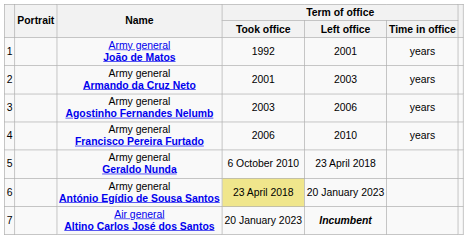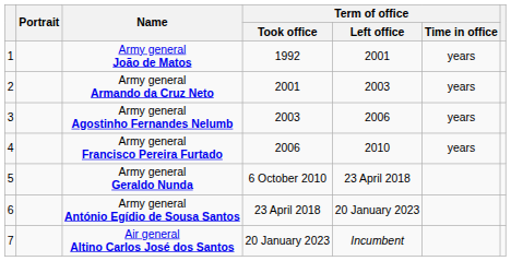 <table class="wikitable" style="text-align:center">
 <tr>
 <th rowspan=2></th>
 <th rowspan=2>Portrait</th>
 <th rowspan=2>Name<br></th>
 <th colspan=3>Term of office</th>
 <th rowspan=2></th>
 </tr>
 <tr>
 <th>Took office</th>
 <th>Left office</th>
 <th>Time in office</th>
 </tr>
 <tr>
 <td>1</td>
 <td></td>
 <td><a href='#'>Army general</a><br><strong><a href='#'>João de Matos</a></strong><br></td>
 <td>1992</td>
 <td>2001</td>
 <td> years</td>
 <td></td>
 </tr>
 <tr>
 <td>2</td>
 <td></td>
 <td>Army general<br><strong><a href='#'>Armando da Cruz Neto</a></strong></td>
 <td>2001</td>
 <td>2003</td>
 <td> years</td>
 <td></td>
 </tr>
 <tr>
 <td>3</td>
 <td></td>
 <td>Army general<br><strong><a href='#'>Agostinho Fernandes Nelumb</a></strong></td>
 <td>2003</td>
 <td>2006</td>
 <td> years</td>
 <td></td>
 </tr>
 <tr>
 <td>4</td>
 <td></td>
 <td>Army general<br><strong><a href='#'>Francisco Pereira Furtado</a></strong><br></td>
 <td>2006</td>
 <td>2010</td>
 <td> years</td>
 <td></td>
 </tr>
 <tr>
 <td>5</td>
 <td></td>
 <td>Army general<br><strong><a href='#'>Geraldo Nunda</a></strong><br></td>
 <td>6 October 2010</td>
 <td>23 April 2018</td>
 <td></td>
 <td></td>
 </tr>
 <tr>
 <td>6</td>
 <td></td>
 <td>Army general<br><strong><a href='#'>António Egídio de Sousa Santos</a></strong></td>
-<td style="background: khaki;">23 April 2018</td>
+<td>23 April 2018</td>
 <td>20 January 2023</td>
 <td></td>
 <td></td>
 </tr>
 <tr>
 <td>7</td>
 <td></td>
 <td><a href='#'>Air general</a><br><strong><a href='#'>Altino Carlos José dos Santos</a></strong><br></td>
 <td>20 January 2023</td>
-<td><strong><em>Incumbent</em></strong></td>
+<td><em>Incumbent</em></td>
 <td></td>
 <td></td>
 </tr>
 </table>
